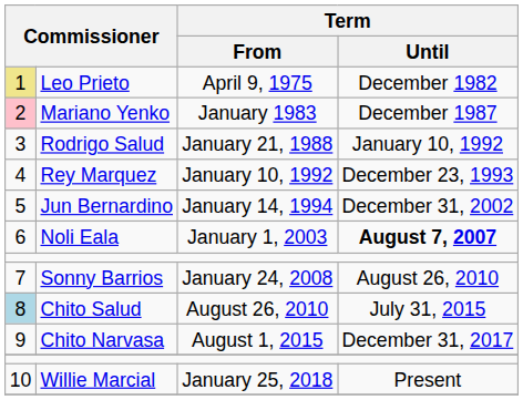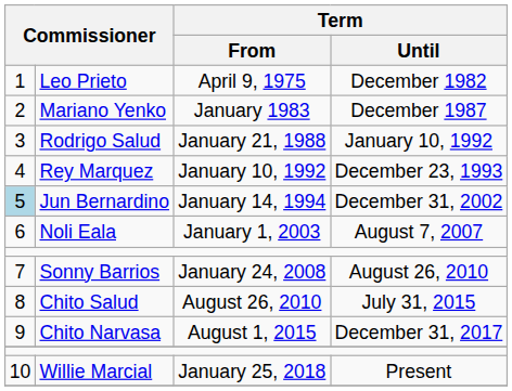 <table class="wikitable collapsible" style="text-align: center; font-size:95%;">
 <tr>
 <th colspan=2 rowspan=2>Commissioner</th>
 <th colspan=2>Term</th>
 </tr>
 <tr>
 <th>From</th>
 <th>Until</th>
 </tr>
 <tr>
-<td style="background: khaki;">1</td>
+<td>1</td>
 <td align=left><a href='#'>Leo Prieto</a></td>
 <td>April 9, <a href='#'>1975</a></td>
 <td>December <a href='#'>1982</a></td>
 </tr>
 <tr>
-<td style="background: pink;">2</td>
+<td>2</td>
 <td align=left><a href='#'>Mariano Yenko</a></td>
 <td>January <a href='#'>1983</a></td>
 <td>December <a href='#'>1987</a></td>
 </tr>
 <tr>
 <td>3</td>
 <td align=left><a href='#'>Rodrigo Salud</a></td>
 <td>January 21, <a href='#'>1988</a></td>
 <td>January 10, <a href='#'>1992</a></td>
 </tr>
 <tr>
 <td>4</td>
 <td align=left><a href='#'>Rey Marquez</a></td>
 <td>January 10, <a href='#'>1992</a></td>
 <td>December 23, <a href='#'>1993</a></td>
 </tr>
 <tr>
-<td>5</td>
+<td style="background: lightblue;">5</td>
 <td align=left><a href='#'>Jun Bernardino</a></td>
 <td>January 14, <a href='#'>1994</a></td>
 <td>December 31, <a href='#'>2002</a></td>
 </tr>
 <tr>
 <td>6</td>
 <td align=left><a href='#'>Noli Eala</a></td>
 <td>January 1, <a href='#'>2003</a></td>
-<td><strong>August 7, <a href='#'>2007</a></strong></td>
+<td>August 7, <a href='#'>2007</a></td>
 </tr>
 <tr>
 <td colspan=4></td>
 </tr>
 <tr>
 <td>7</td>
 <td align=left><a href='#'>Sonny Barrios</a></td>
 <td>January 24, <a href='#'>2008</a></td>
 <td>August 26, <a href='#'>2010</a></td>
 </tr>
 <tr>
-<td style="background: lightblue;">8</td>
+<td>8</td>
 <td align=left><a href='#'>Chito Salud</a></td>
 <td>August 26, <a href='#'>2010</a></td>
 <td>July 31, <a href='#'>2015</a></td>
 </tr>
 <tr>
 <td>9</td>
 <td align=left><a href='#'>Chito Narvasa</a></td>
 <td>August 1, <a href='#'>2015</a></td>
 <td>December 31, <a href='#'>2017</a></td>
 </tr>
 <tr>
 </tr>
 <tr>
 <td colspan=4></td>
 </tr>
 <tr>
 <td>10</td>
 <td align=left><a href='#'>Willie Marcial</a></td>
 <td>January 25, <a href='#'>2018</a></td>
 <td>Present</td>
 </tr>
 <tr>
 </tr>
 </table>
